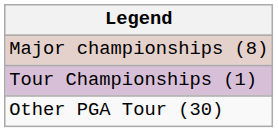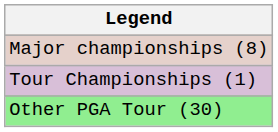 <table class="wikitable" style="font-size:95%;">
 <tr>
 <th>Legend</th>
 </tr>
 <tr style="background:#e5d1cb;">
 <td>Major championships (8)</td>
 </tr>
 <tr style="background:thistle;">
 <td>Tour Championships (1)</td>
 </tr>
 <tr>
-<td>Other PGA Tour (30)</td>
+<td style="background: lightgreen;">Other PGA Tour (30)</td>
 </tr>
 </table>
